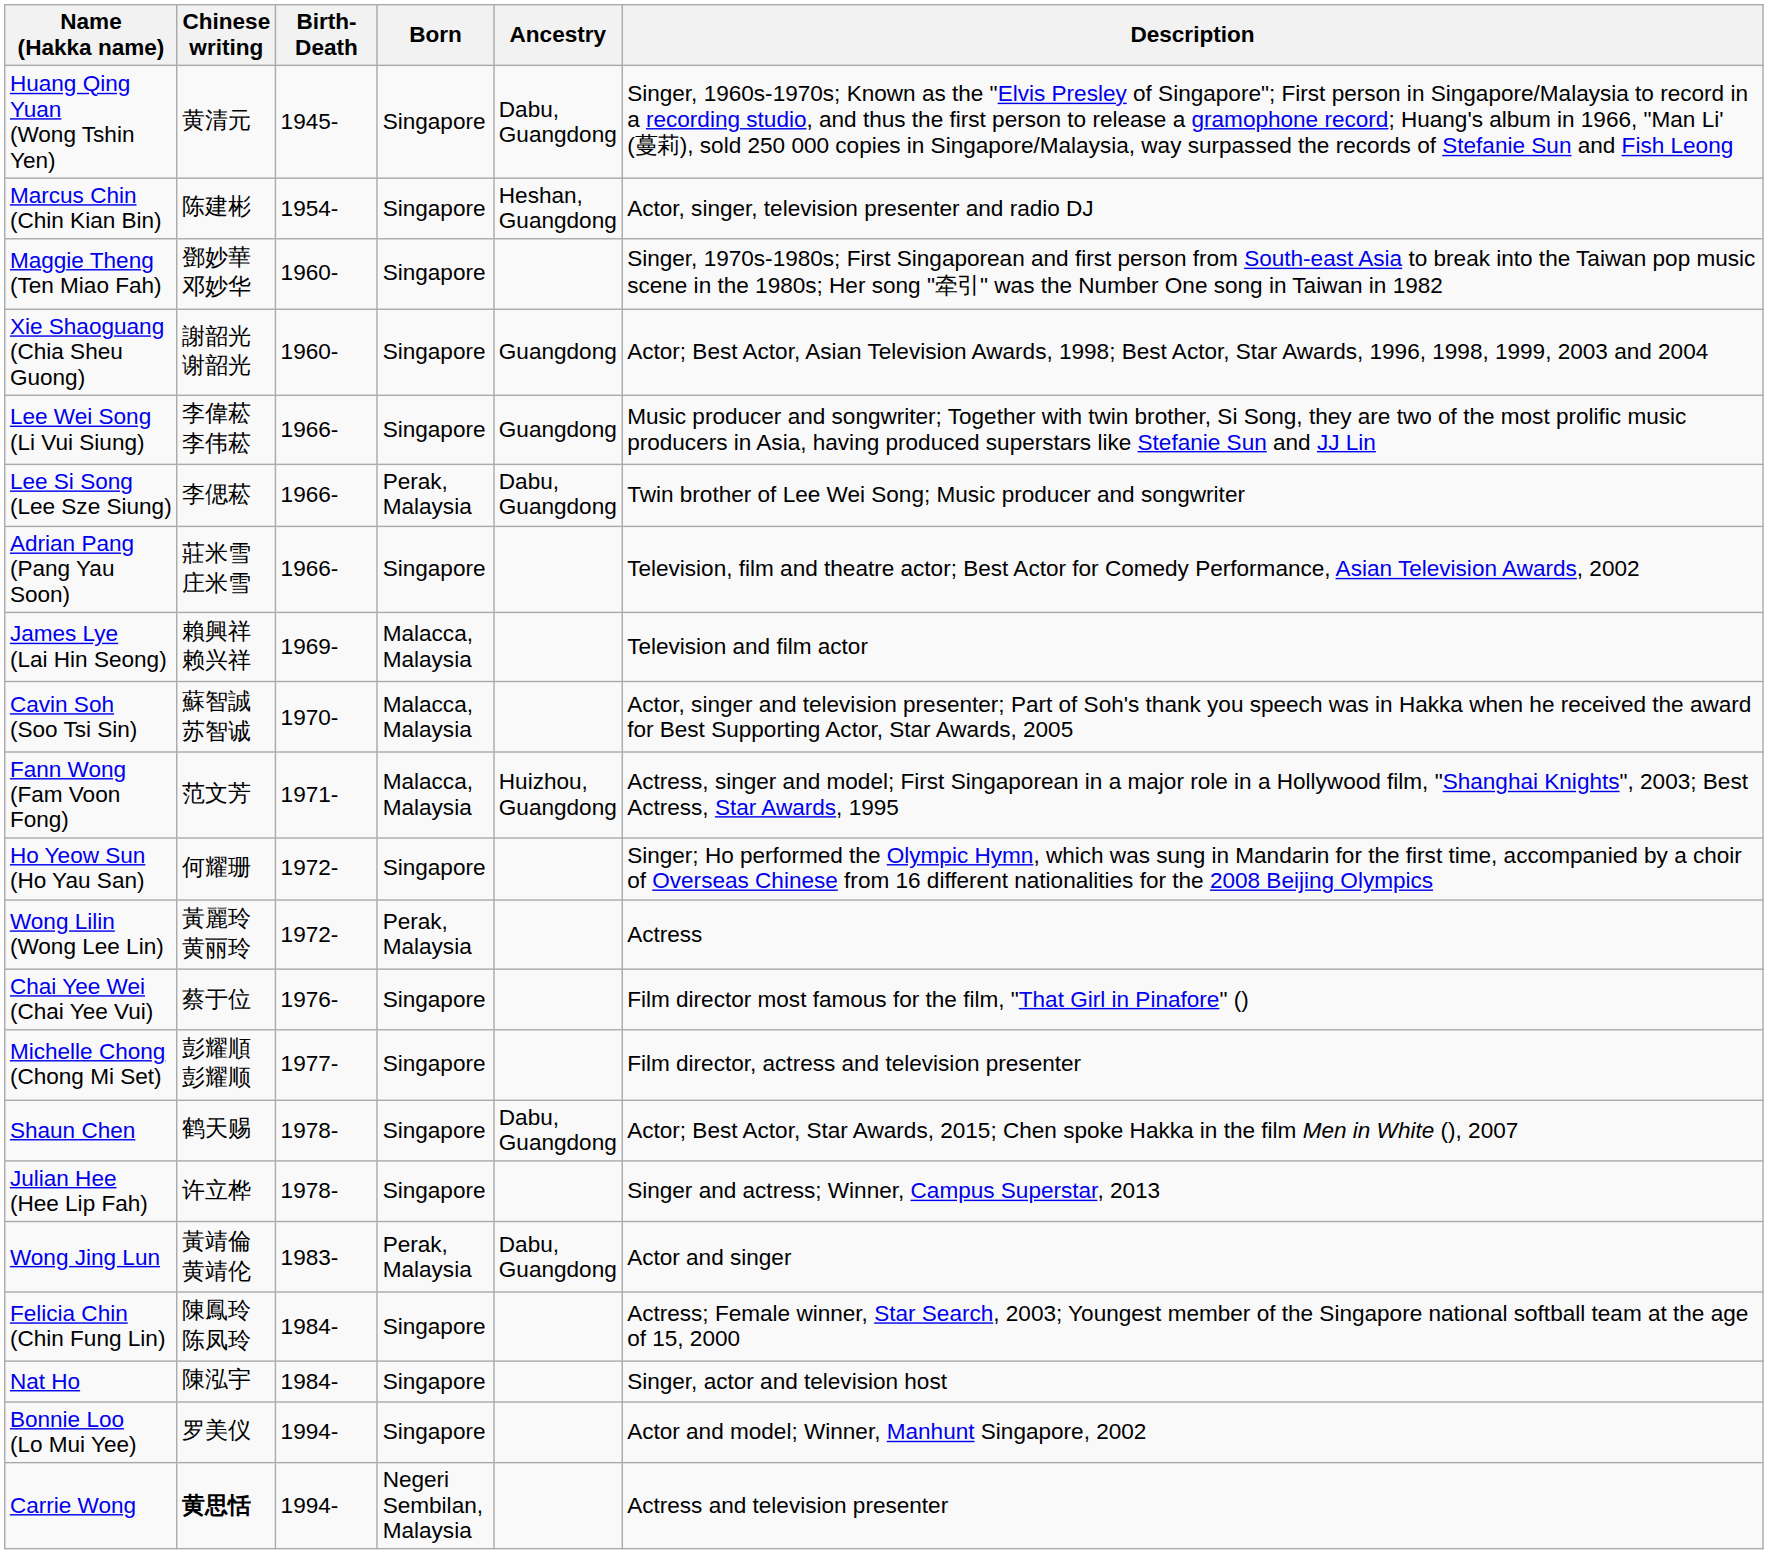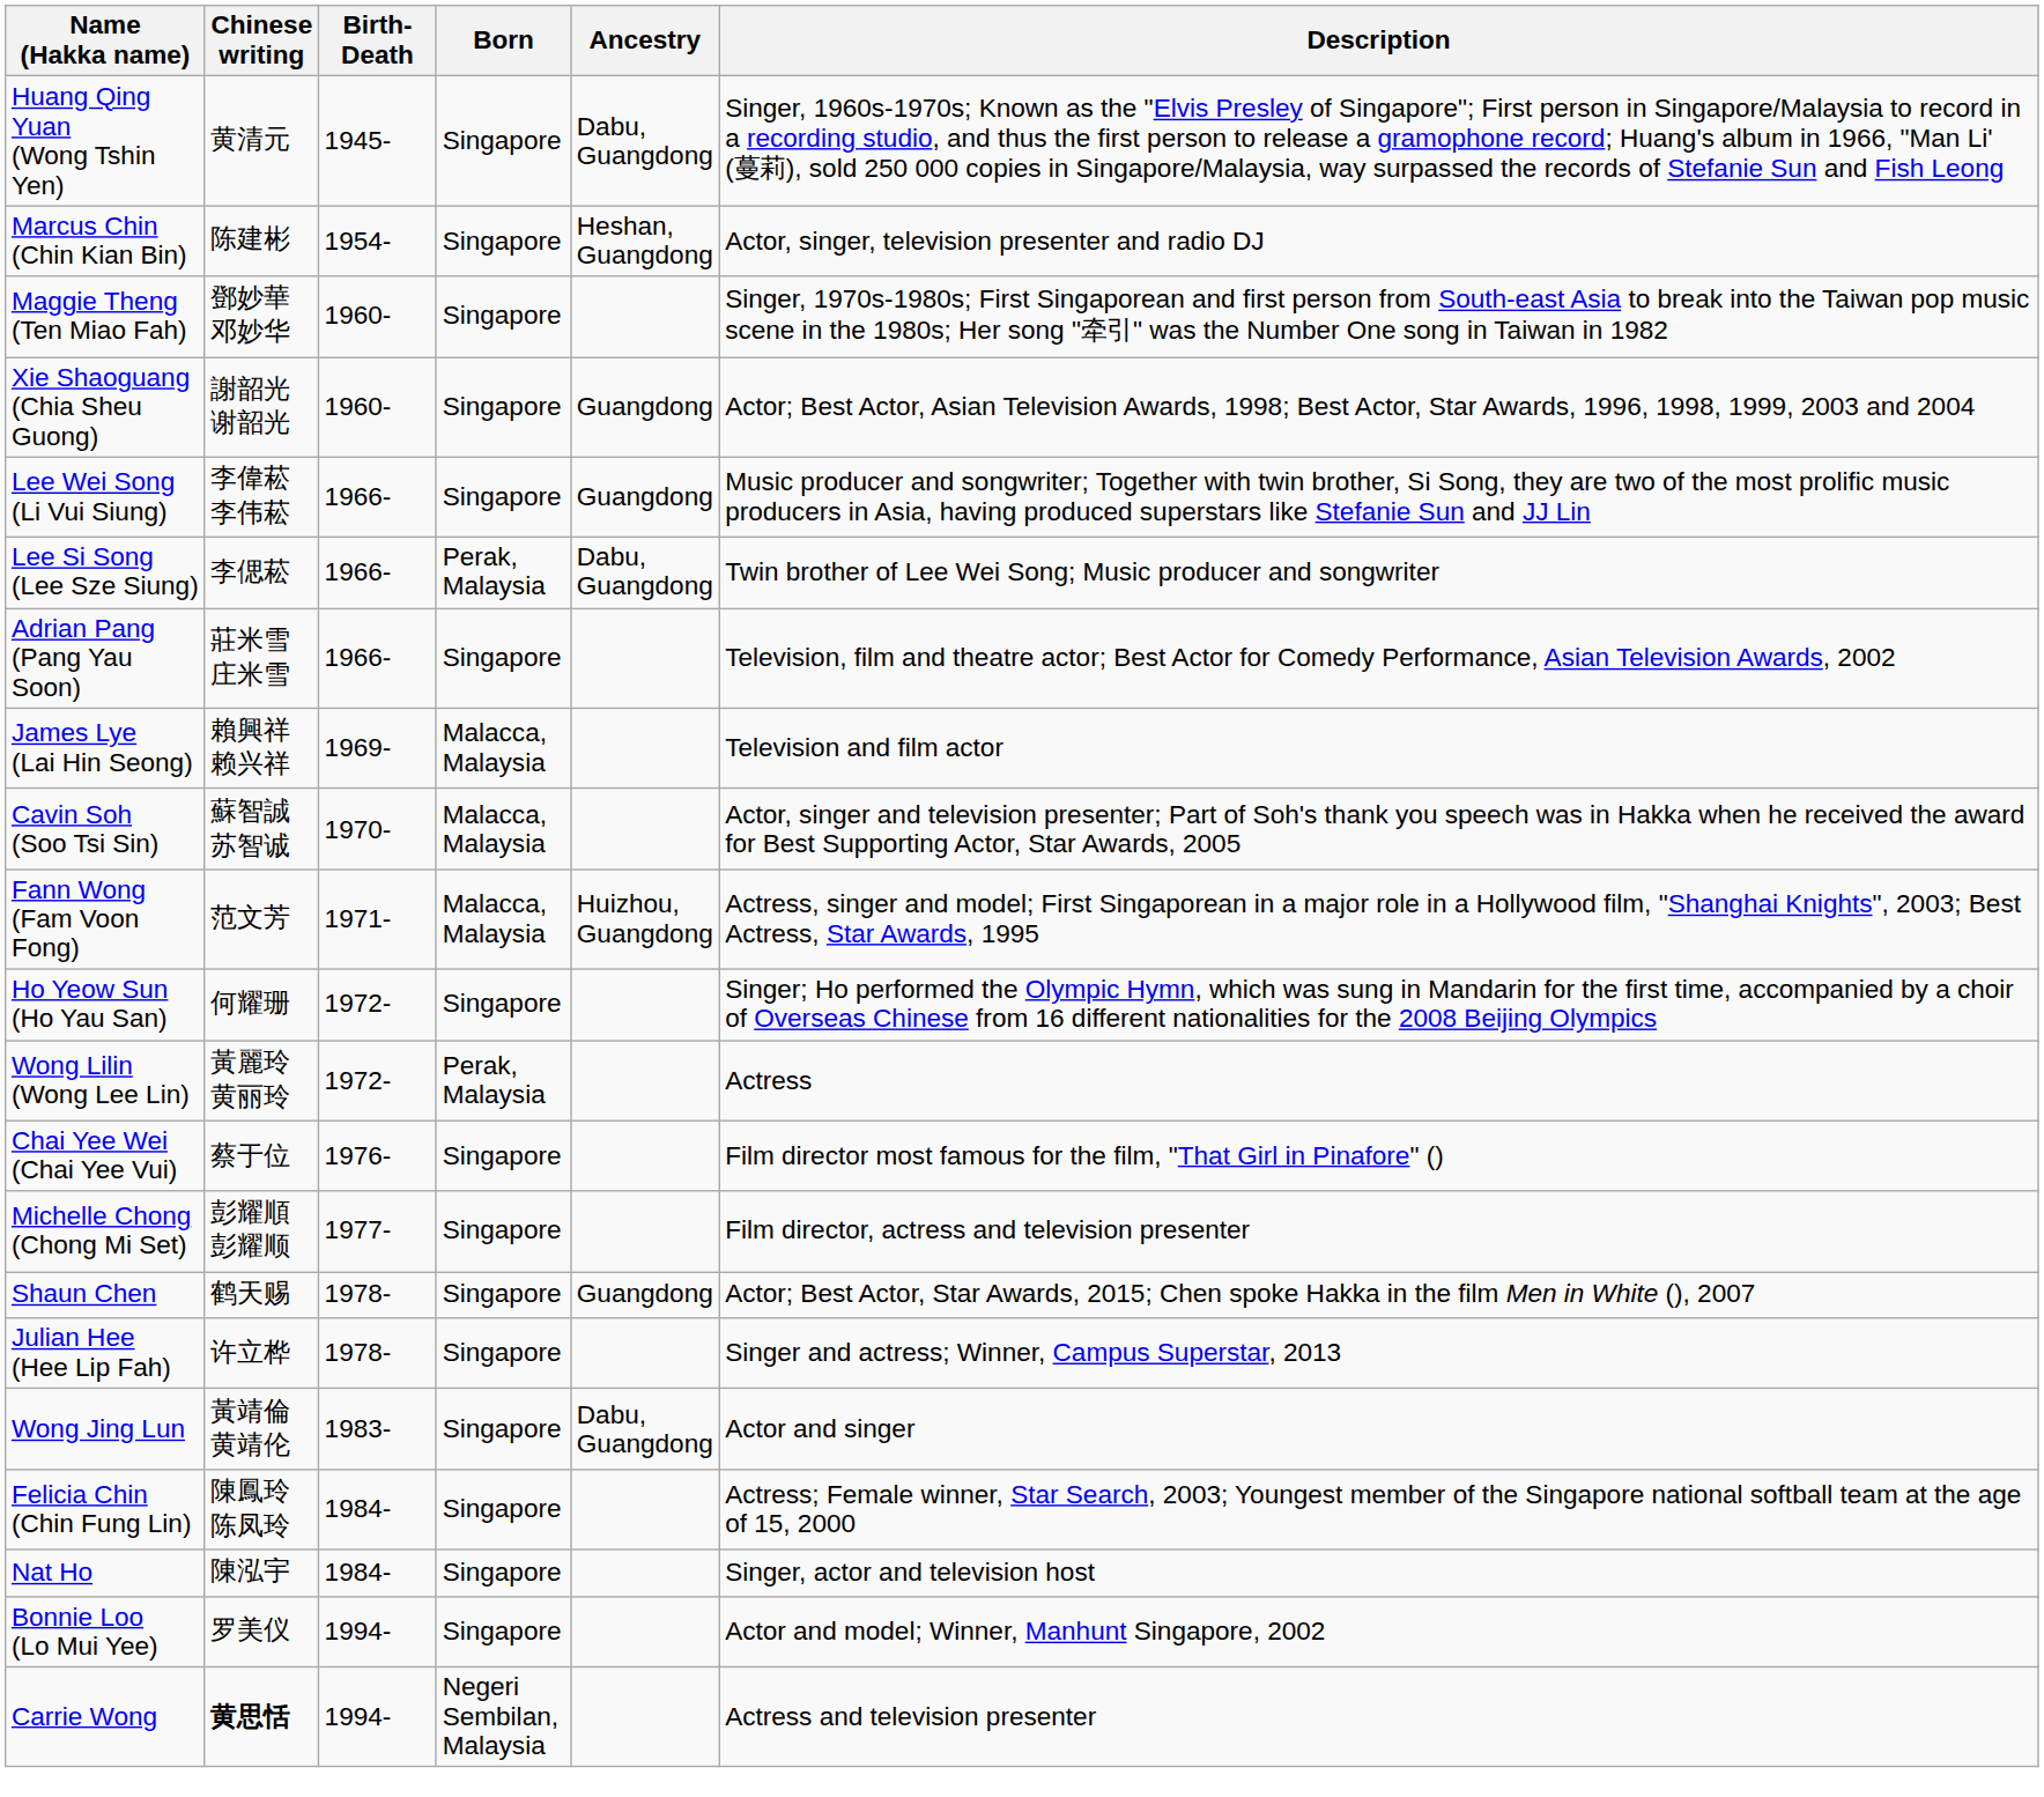 <table class="wikitable">
 <tr>
 <th width="115">Name<br>(Hakka name)</th>
 <th width="60">Chinese writing</th>
 <th width="65">Birth-Death</th>
 <th width="75">Born</th>
 <th width="75">Ancestry</th>
 <th>Description</th>
 </tr>
 <tr>
 <td><a href='#'>Huang Qing Yuan</a><br>(Wong Tshin Yen)</td>
 <td>黄清元</td>
 <td>1945-</td>
 <td>Singapore</td>
 <td>Dabu, Guangdong</td>
 <td>Singer, 1960s-1970s; Known as the "<a href='#'>Elvis Presley</a> of Singapore"; First person in Singapore/Malaysia to record in a <a href='#'>recording studio</a>, and thus the first person to release a <a href='#'>gramophone record</a>; Huang's album in 1966, "Man Li' (蔓莉), sold 250 000 copies in Singapore/Malaysia, way surpassed the records of <a href='#'>Stefanie Sun</a> and <a href='#'>Fish Leong</a></td>
 </tr>
 <tr>
 <td><a href='#'>Marcus Chin</a><br>(Chin Kian Bin)</td>
 <td>陈建彬</td>
 <td>1954-</td>
 <td>Singapore</td>
 <td>Heshan, Guangdong</td>
 <td>Actor, singer, television presenter and radio DJ</td>
 </tr>
 <tr>
 <td><a href='#'>Maggie Theng</a><br>(Ten Miao Fah)</td>
 <td>鄧妙華<br>邓妙华</td>
 <td>1960-</td>
 <td>Singapore</td>
 <td></td>
 <td>Singer, 1970s-1980s; First Singaporean and first person from <a href='#'>South-east Asia</a> to break into the Taiwan pop music scene in the 1980s; Her song "牵引" was the Number One song in Taiwan in 1982</td>
 </tr>
 <tr>
 <td><a href='#'>Xie Shaoguang</a><br>(Chia Sheu Guong)</td>
 <td>謝韶光<br>谢韶光</td>
 <td>1960-</td>
 <td>Singapore</td>
 <td>Guangdong</td>
 <td>Actor; Best Actor, Asian Television Awards, 1998; Best Actor, Star Awards, 1996, 1998, 1999, 2003 and 2004</td>
 </tr>
 <tr>
 <td><a href='#'>Lee Wei Song</a><br>(Li Vui Siung)</td>
 <td>李偉菘<br>李伟菘</td>
 <td>1966-</td>
 <td>Singapore</td>
 <td>Guangdong</td>
 <td>Music producer and songwriter; Together with twin brother, Si Song, they are two of the most prolific music producers in Asia, having produced superstars like <a href='#'>Stefanie Sun</a> and <a href='#'>JJ Lin</a></td>
 </tr>
 <tr>
 <td><a href='#'>Lee Si Song</a><br>(Lee Sze Siung)</td>
 <td>李偲菘</td>
 <td>1966-</td>
 <td>Perak, Malaysia</td>
 <td>Dabu, Guangdong</td>
 <td>Twin brother of Lee Wei Song; Music producer and songwriter</td>
 </tr>
 <tr>
 <td><a href='#'>Adrian Pang</a><br>(Pang Yau Soon)</td>
 <td>莊米雪<br>庄米雪</td>
 <td>1966-</td>
 <td>Singapore</td>
 <td></td>
 <td>Television, film and theatre actor; Best Actor for Comedy Performance, <a href='#'>Asian Television Awards</a>, 2002</td>
 </tr>
 <tr>
 <td><a href='#'>James Lye</a> <br>(Lai Hin Seong)</td>
 <td>賴興祥<br>赖兴祥</td>
 <td>1969-</td>
 <td>Malacca, Malaysia</td>
 <td></td>
 <td>Television and film actor</td>
 </tr>
 <tr>
 <td><a href='#'>Cavin Soh</a> <br>(Soo Tsi Sin)</td>
 <td>蘇智誠<br>苏智诚</td>
 <td>1970-</td>
 <td>Malacca, Malaysia</td>
 <td></td>
 <td>Actor, singer and television presenter; Part of Soh's thank you speech was in Hakka when he received the award for Best Supporting Actor, Star Awards, 2005</td>
 </tr>
 <tr>
 <td><a href='#'>Fann Wong</a><br>(Fam Voon Fong)</td>
 <td>范文芳</td>
 <td>1971-</td>
 <td>Malacca, Malaysia</td>
 <td>Huizhou, Guangdong</td>
 <td>Actress, singer and model; First Singaporean in a major role in a Hollywood film, "<a href='#'>Shanghai Knights</a>", 2003; Best Actress, <a href='#'>Star Awards</a>, 1995</td>
 </tr>
 <tr>
 <td><a href='#'>Ho Yeow Sun</a><br>(Ho Yau San)</td>
 <td>何耀珊</td>
 <td>1972-</td>
 <td>Singapore</td>
 <td></td>
 <td>Singer; Ho performed the <a href='#'>Olympic Hymn</a>, which was sung in Mandarin for the first time, accompanied by a choir of <a href='#'>Overseas Chinese</a> from 16 different nationalities for the <a href='#'>2008 Beijing Olympics</a></td>
 </tr>
 <tr>
 <td><a href='#'>Wong Lilin</a><br>(Wong Lee Lin)</td>
 <td>黃麗玲<br>黄丽玲</td>
 <td>1972-</td>
 <td>Perak, Malaysia</td>
 <td></td>
 <td>Actress</td>
 </tr>
 <tr>
 <td><a href='#'>Chai Yee Wei</a> <br>(Chai Yee Vui)</td>
 <td>蔡于位</td>
 <td>1976-</td>
 <td>Singapore</td>
 <td></td>
 <td>Film director most famous for the film, "<a href='#'>That Girl in Pinafore</a>" ()</td>
 </tr>
 <tr>
 <td><a href='#'>Michelle Chong</a><br>(Chong Mi Set)</td>
 <td>彭耀順<br>彭耀顺</td>
 <td>1977-</td>
 <td>Singapore</td>
 <td></td>
 <td>Film director, actress and television presenter</td>
 </tr>
 <tr>
 <td><a href='#'>Shaun Chen</a></td>
 <td>鹤天赐</td>
 <td>1978-</td>
 <td>Singapore</td>
-<td>Dabu, Guangdong</td>
+<td>Guangdong</td>
 <td>Actor; Best Actor, Star Awards, 2015; Chen spoke Hakka in the film <em>Men in White</em> (), 2007</td>
 </tr>
 <tr>
 <td><a href='#'>Julian Hee</a> <br>(Hee Lip Fah)</td>
 <td>许立桦</td>
 <td>1978-</td>
 <td>Singapore</td>
 <td></td>
 <td>Singer and actress; Winner, <a href='#'> Campus Superstar</a>, 2013</td>
 </tr>
 <tr>
 <td><a href='#'>Wong Jing Lun</a></td>
 <td>黃靖倫<br>黄靖伦</td>
 <td>1983-</td>
-<td>Perak, Malaysia</td>
+<td>Singapore</td>
 <td>Dabu, Guangdong</td>
 <td>Actor and singer</td>
 </tr>
 <tr>
 <td><a href='#'>Felicia Chin</a><br>(Chin Fung Lin)</td>
 <td>陳鳳玲<br>陈凤玲</td>
 <td>1984-</td>
 <td>Singapore</td>
 <td></td>
 <td>Actress; Female winner, <a href='#'>Star Search</a>, 2003; Youngest member of the Singapore national softball team at the age of 15, 2000</td>
 </tr>
 <tr>
 <td><a href='#'>Nat Ho</a></td>
 <td>陳泓宇</td>
 <td>1984-</td>
 <td>Singapore</td>
 <td></td>
 <td>Singer, actor and television host</td>
 </tr>
 <tr>
 <td><a href='#'>Bonnie Loo</a><br>(Lo Mui Yee)</td>
 <td>罗美仪</td>
 <td>1994-</td>
 <td>Singapore</td>
 <td></td>
 <td>Actor and model; Winner, <a href='#'>Manhunt</a> Singapore, 2002</td>
 </tr>
 <tr>
 <td><a href='#'>Carrie Wong</a></td>
 <td><strong>黄思恬</strong></td>
 <td>1994-</td>
 <td>Negeri Sembilan, Malaysia</td>
 <td></td>
 <td>Actress and television presenter</td>
 </tr>
 </table>
